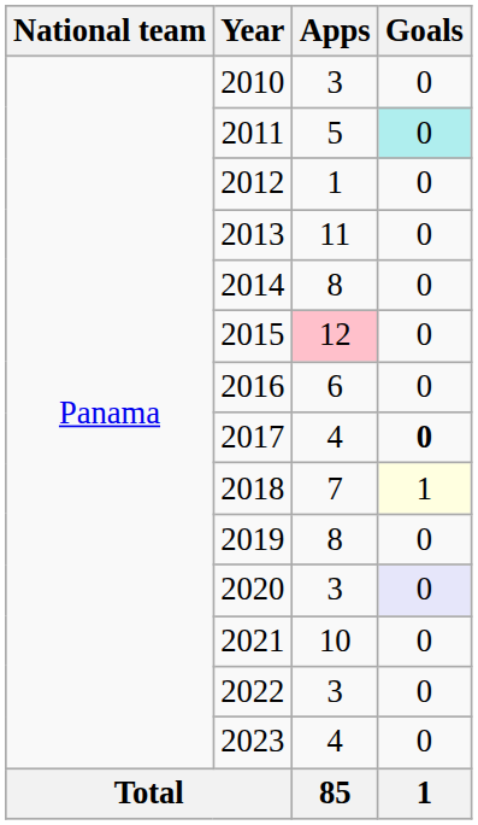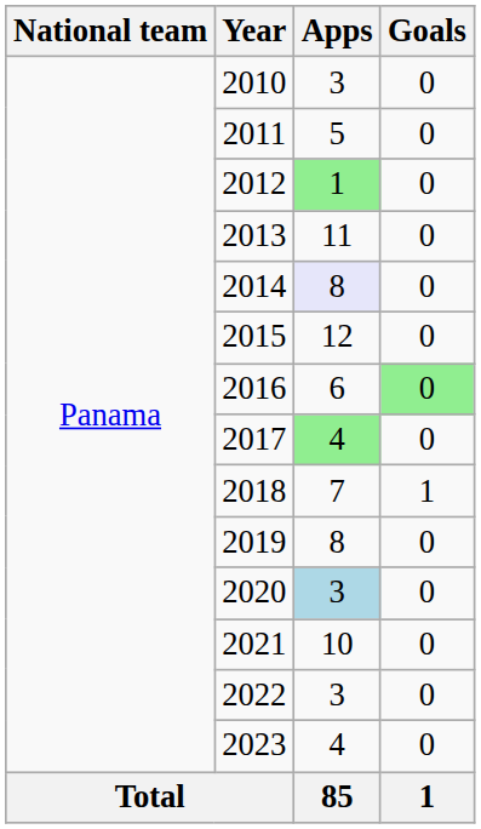 <table class="wikitable" style="text-align:center">
 <tr>
 <th>National team</th>
 <th>Year</th>
 <th>Apps</th>
 <th>Goals</th>
 </tr>
 <tr>
 <td rowspan="14"><a href='#'>Panama</a></td>
 <td>2010</td>
 <td>3</td>
 <td>0</td>
 </tr>
 <tr>
 <td>2011</td>
 <td>5</td>
-<td style="background: paleturquoise;">0</td>
+<td>0</td>
 </tr>
 <tr>
 <td>2012</td>
-<td>1</td>
+<td style="background: lightgreen;">1</td>
 <td>0</td>
 </tr>
 <tr>
 <td>2013</td>
 <td>11</td>
 <td>0</td>
 </tr>
 <tr>
 <td>2014</td>
-<td>8</td>
+<td style="background: lavender;">8</td>
 <td>0</td>
 </tr>
 <tr>
 <td>2015</td>
-<td style="background: pink;">12</td>
+<td>12</td>
 <td>0</td>
 </tr>
 <tr>
 <td>2016</td>
 <td>6</td>
-<td>0</td>
+<td style="background: lightgreen;">0</td>
 </tr>
 <tr>
 <td>2017</td>
-<td>4</td>
-<td><strong>0</strong></td>
+<td style="background: lightgreen;">4</td>
+<td>0</td>
 </tr>
 <tr>
 <td>2018</td>
 <td>7</td>
-<td style="background: lightyellow;">1</td>
+<td>1</td>
 </tr>
 <tr>
 <td>2019</td>
 <td>8</td>
 <td>0</td>
 </tr>
 <tr>
 <td>2020</td>
-<td>3</td>
-<td style="background: lavender;">0</td>
+<td style="background: lightblue;">3</td>
+<td>0</td>
 </tr>
 <tr>
 <td>2021</td>
 <td>10</td>
 <td>0</td>
 </tr>
 <tr>
 <td>2022</td>
 <td>3</td>
 <td>0</td>
 </tr>
 <tr>
 <td>2023</td>
 <td>4</td>
 <td>0</td>
 </tr>
 <tr>
 <th colspan="2">Total</th>
 <th>85</th>
 <th>1</th>
 </tr>
 </table>
